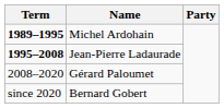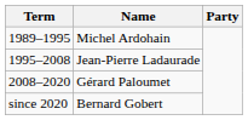 <table class="wikitable">
 <tr>
 <th>Term</th>
 <th>Name</th>
 <th>Party</th>
 </tr>
 <tr>
-<td><strong>1989–1995</strong></td>
+<td>1989–1995</td>
 <td>Michel Ardohain</td>
 </tr>
 <tr>
-<td><strong>1995–2008</strong></td>
+<td>1995–2008</td>
 <td>Jean-Pierre Ladaurade</td>
 </tr>
 <tr>
 <td>2008–2020</td>
 <td>Gérard Paloumet</td>
 </tr>
 <tr>
 <td>since 2020</td>
 <td>Bernard Gobert</td>
 </tr>
 </table>
